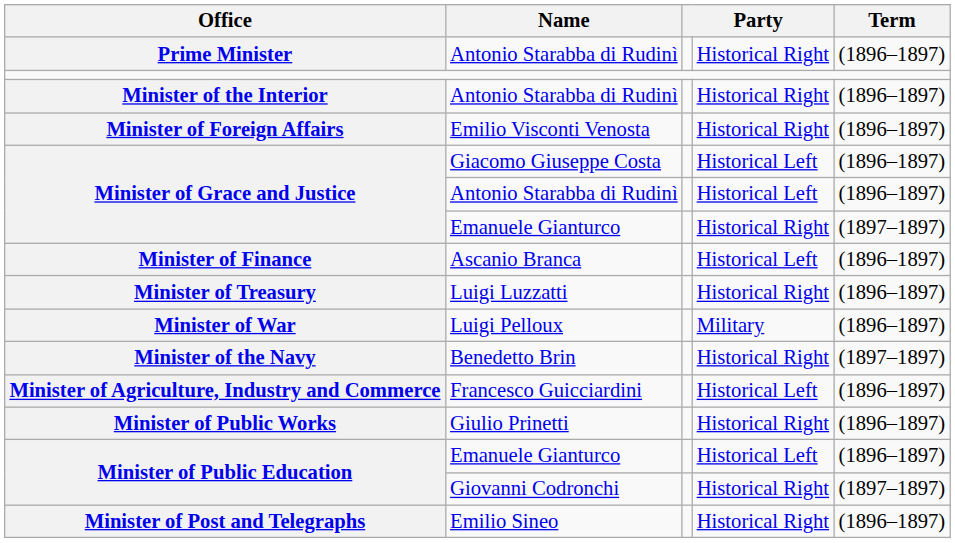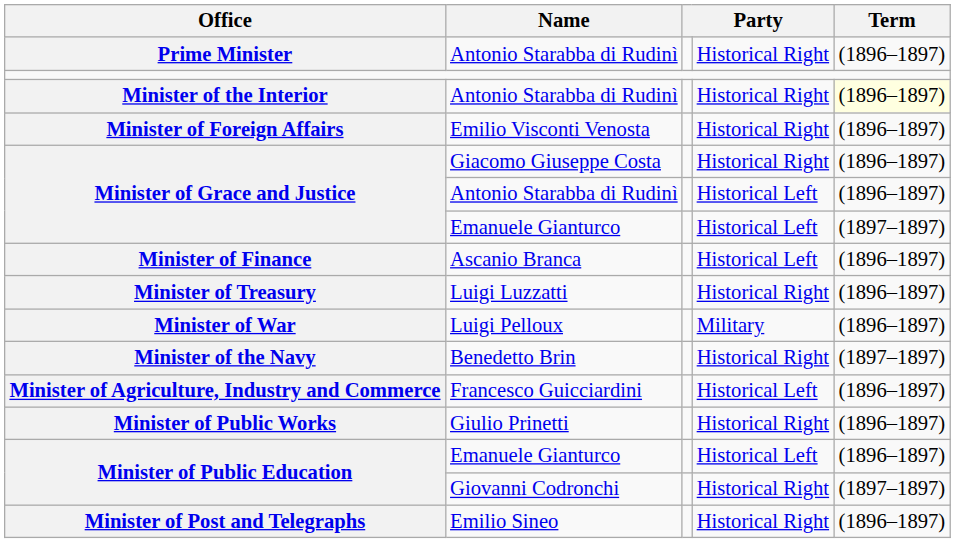 <table class="wikitable" style="font-size: 100%;">
 <tr>
 <th>Office</th>
 <th>Name</th>
 <th colspan=2>Party</th>
 <th>Term</th>
 </tr>
 <tr>
 <th><a href='#'>Prime Minister</a></th>
 <td><a href='#'>Antonio Starabba di Rudinì</a></td>
 <td style="color:inherit;background:"></td>
 <td><a href='#'>Historical Right</a></td>
 <td>(1896–1897)</td>
 </tr>
 <tr>
 <td colspan=5></td>
 </tr>
 <tr>
 <th><a href='#'>Minister of the Interior</a></th>
 <td><a href='#'>Antonio Starabba di Rudinì</a></td>
 <td style="color:inherit;background:"></td>
 <td><a href='#'>Historical Right</a></td>
-<td>(1896–1897)</td>
+<td style="background: lightyellow;">(1896–1897)</td>
 </tr>
 <tr>
 <th><a href='#'>Minister of Foreign Affairs</a></th>
 <td><a href='#'>Emilio Visconti Venosta</a></td>
 <td style="color:inherit;background:"></td>
 <td><a href='#'>Historical Right</a></td>
 <td>(1896–1897)</td>
 </tr>
 <tr>
 <th rowspan=3><a href='#'>Minister of Grace and Justice</a></th>
 <td><a href='#'>Giacomo Giuseppe Costa</a></td>
 <td style="color:inherit;background:"></td>
-<td><a href='#'>Historical Left</a></td>
+<td><a href='#'>Historical Right</a></td>
 <td>(1896–1897)</td>
 </tr>
 <tr>
 <td><a href='#'>Antonio Starabba di Rudinì</a></td>
 <td style="color:inherit;background:"></td>
 <td><a href='#'>Historical Left</a></td>
 <td>(1896–1897)</td>
 </tr>
 <tr>
 <td><a href='#'>Emanuele Gianturco</a></td>
 <td style="color:inherit;background:"></td>
-<td><a href='#'>Historical Right</a></td>
+<td><a href='#'>Historical Left</a></td>
 <td>(1897–1897)</td>
 </tr>
 <tr>
 <th><a href='#'>Minister of Finance</a></th>
 <td><a href='#'>Ascanio Branca</a></td>
 <td style="color:inherit;background:"></td>
 <td><a href='#'>Historical Left</a></td>
 <td>(1896–1897)</td>
 </tr>
 <tr>
 <th><a href='#'>Minister of Treasury</a></th>
 <td><a href='#'>Luigi Luzzatti</a></td>
 <td style="color:inherit;background:"></td>
 <td><a href='#'>Historical Right</a></td>
 <td>(1896–1897)</td>
 </tr>
 <tr>
 <th><a href='#'>Minister of War</a></th>
 <td><a href='#'>Luigi Pelloux</a></td>
 <td style="color:inherit;background:"></td>
 <td><a href='#'>Military</a></td>
 <td>(1896–1897)</td>
 </tr>
 <tr>
 <th><a href='#'>Minister of the Navy</a></th>
 <td><a href='#'>Benedetto Brin</a></td>
 <td style="color:inherit;background:"></td>
 <td><a href='#'>Historical Right</a></td>
 <td>(1897–1897)</td>
 </tr>
 <tr>
 <th><a href='#'>Minister of Agriculture, Industry and Commerce</a></th>
 <td><a href='#'>Francesco Guicciardini</a></td>
 <td style="color:inherit;background:"></td>
 <td><a href='#'>Historical Left</a></td>
 <td>(1896–1897)</td>
 </tr>
 <tr>
 <th><a href='#'>Minister of Public Works</a></th>
 <td><a href='#'>Giulio Prinetti</a></td>
 <td style="color:inherit;background:"></td>
 <td><a href='#'>Historical Right</a></td>
 <td>(1896–1897)</td>
 </tr>
 <tr>
 <th rowspan=2><a href='#'>Minister of Public Education</a></th>
 <td><a href='#'>Emanuele Gianturco</a></td>
 <td style="color:inherit;background:"></td>
 <td><a href='#'>Historical Left</a></td>
 <td>(1896–1897)</td>
 </tr>
 <tr>
 <td><a href='#'>Giovanni Codronchi</a></td>
 <td style="color:inherit;background:"></td>
 <td><a href='#'>Historical Right</a></td>
 <td>(1897–1897)</td>
 </tr>
 <tr>
 <th><a href='#'>Minister of Post and Telegraphs</a></th>
 <td><a href='#'>Emilio Sineo</a></td>
 <td style="color:inherit;background:"></td>
 <td><a href='#'>Historical Right</a></td>
 <td>(1896–1897)</td>
 </tr>
 </table>
